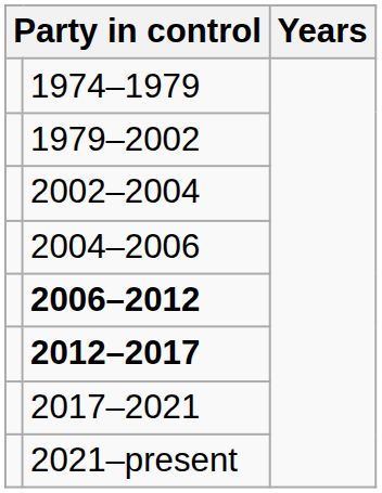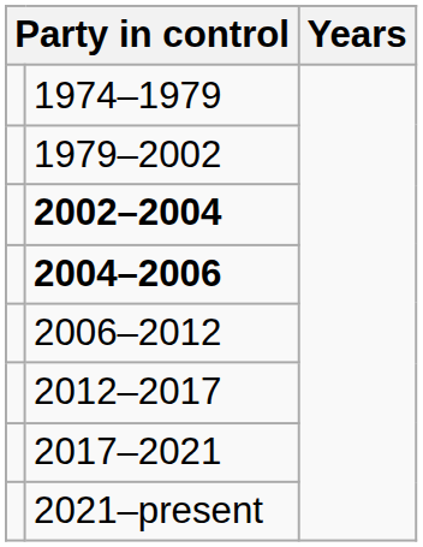 <table class="wikitable">
 <tr>
 <th colspan=2>Party in control</th>
 <th>Years</th>
 </tr>
 <tr>
 <td></td>
 <td>1974–1979</td>
 </tr>
 <tr>
 <td></td>
 <td>1979–2002</td>
 </tr>
 <tr>
 <td></td>
-<td>2002–2004</td>
+<td><strong>2002–2004</strong></td>
 </tr>
 <tr>
 <td></td>
-<td>2004–2006</td>
+<td><strong>2004–2006</strong></td>
 </tr>
 <tr>
 <td></td>
-<td><strong>2006–2012</strong></td>
+<td>2006–2012</td>
 </tr>
 <tr>
 <td></td>
-<td><strong>2012–2017</strong></td>
+<td>2012–2017</td>
 </tr>
 <tr>
 <td></td>
 <td>2017–2021</td>
 </tr>
 <tr>
 <td></td>
 <td>2021–present</td>
 </tr>
 </table>
